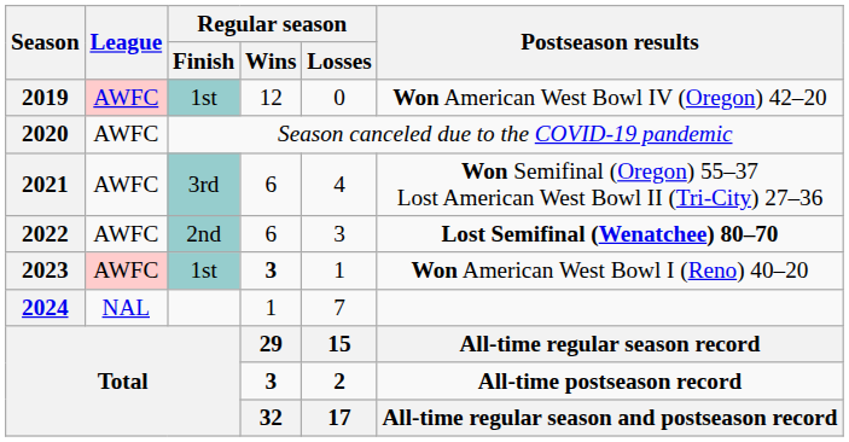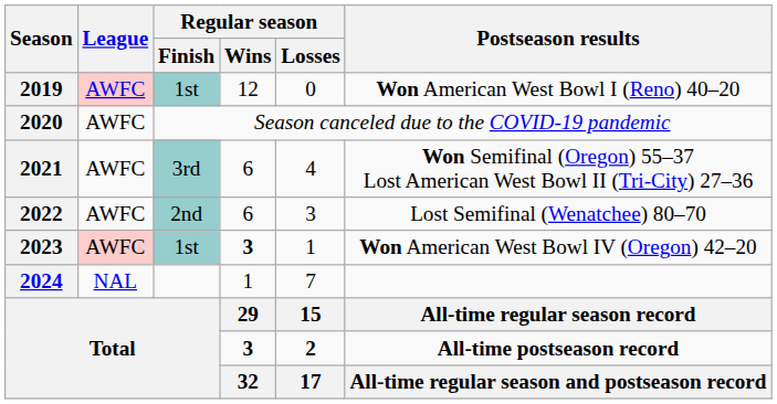 <table class="wikitable" style="text-align:center">
 <tr>
 <th rowspan="2">Season</th>
 <th rowspan="2"><a href='#'>League</a></th>
 <th colspan="3">Regular season</th>
 <th rowspan="2">Postseason results</th>
 </tr>
 <tr>
 <th>Finish</th>
 <th>Wins</th>
 <th>Losses</th>
 </tr>
 <tr>
 <th>2019</th>
 <td bgcolor="#FFCCCC"><a href='#'>AWFC</a></td>
 <td bgcolor="#96CDCD">1st</td>
 <td>12</td>
 <td>0</td>
-<td><strong>Won</strong> American West Bowl IV (<a href='#'>Oregon</a>) 42–20<br></td>
+<td><strong>Won</strong> American West Bowl I (<a href='#'>Reno</a>) 40–20</td>
 </tr>
 <tr>
 <th>2020</th>
 <td>AWFC</td>
 <td colspan=4><em>Season canceled due to the <a href='#'>COVID-19 pandemic</a></em></td>
 </tr>
 <tr>
 <th>2021</th>
 <td>AWFC</td>
 <td bgcolor="#96CDCD">3rd</td>
 <td>6</td>
 <td>4</td>
 <td><strong>Won</strong> Semifinal (<a href='#'>Oregon</a>) 55–37<br>Lost American West Bowl II (<a href='#'>Tri-City</a>) 27–36</td>
 </tr>
 <tr>
 <th>2022</th>
 <td>AWFC</td>
 <td bgcolor="#96CDCD">2nd</td>
 <td>6</td>
 <td>3</td>
-<td><strong>Lost Semifinal (<a href='#'>Wenatchee</a>) 80–70<br></strong></td>
+<td>Lost Semifinal (<a href='#'>Wenatchee</a>) 80–70<br></td>
 </tr>
 <tr>
 <th>2023</th>
 <td bgcolor="#FFCCCC">AWFC</td>
 <td bgcolor="#96CDCD">1st</td>
 <td><strong>3</strong></td>
 <td>1</td>
-<td><strong>Won</strong> American West Bowl I (<a href='#'>Reno</a>) 40–20</td>
+<td><strong>Won</strong> American West Bowl IV (<a href='#'>Oregon</a>) 42–20<br></td>
 </tr>
 <tr>
 <th><a href='#'>2024</a></th>
 <td><a href='#'>NAL</a></td>
 <td></td>
 <td>1</td>
 <td>7</td>
 <td></td>
 </tr>
 <tr>
 <th rowspan="3" colspan="3">Total</th>
 <th>29</th>
 <th>15</th>
 <th>All-time regular season record</th>
 </tr>
 <tr>
 <td><strong>3</strong></td>
 <td><strong>2</strong></td>
 <td><strong>All-time postseason record</strong></td>
 </tr>
 <tr>
 <th>32</th>
 <th>17</th>
 <th>All-time regular season and postseason record</th>
 </tr>
 </table>
